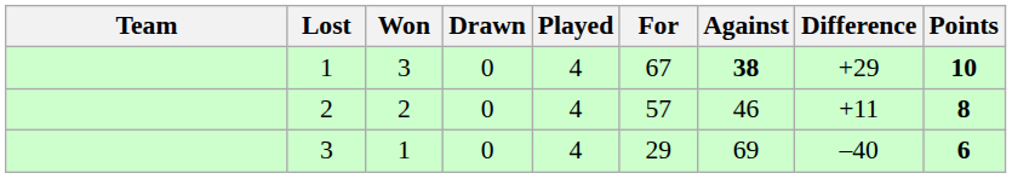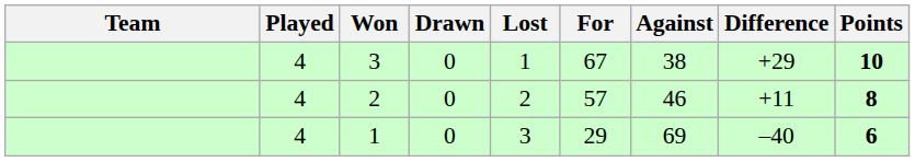 <table class="wikitable" style="text-align:center">
 <tr>
 <th width="165">Team</th>
-<th width="40">Lost</th>
+<th width="40">Played</th>
 <th width="40">Won</th>
 <th width="40">Drawn</th>
-<th width="40">Played</th>
+<th width="40">Lost</th>
 <th width="40">For</th>
 <th width="40">Against</th>
 <th width="40">Difference</th>
 <th width="40">Points</th>
 </tr>
 <tr bgcolor="#ccffcc">
 <td align="left"></td>
-<td>1</td>
+<td>4</td>
 <td>3</td>
 <td>0</td>
-<td>4</td>
+<td>1</td>
 <td>67</td>
-<td><strong>38</strong></td>
+<td>38</td>
 <td>+29</td>
 <td><strong>10</strong></td>
 </tr>
 <tr bgcolor="#ccffcc">
 <td align="left"></td>
-<td>2</td>
+<td>4</td>
 <td>2</td>
 <td>0</td>
-<td>4</td>
+<td>2</td>
 <td>57</td>
 <td>46</td>
 <td>+11</td>
 <td><strong>8</strong></td>
 </tr>
 <tr bgcolor="#ccffcc">
 <td align="left"></td>
-<td>3</td>
+<td>4</td>
 <td>1</td>
 <td>0</td>
-<td>4</td>
+<td>3</td>
 <td>29</td>
 <td>69</td>
 <td>–40</td>
 <td><strong>6</strong></td>
 </tr>
 </table>
